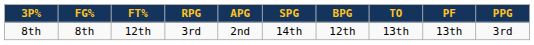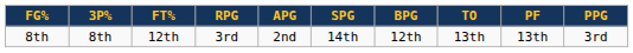 <table class="wikitable sortable" style="text-align:center;">
 <tr>
+<th style="background:#14345b; color:#ffc322; width:6%;">FG%</th>
 <th style="background:#14345b; color:#ffc322; width:6%;">3P%</th>
-<th style="background:#14345b; color:#ffc322; width:6%;">FG%</th>
 <th style="background:#14345b; color:#ffc322; width:6%;">FT%</th>
 <th style="background:#14345b; color:#ffc322; width:6%;">RPG</th>
 <th style="background:#14345b; color:#ffc322; width:5%;">APG</th>
 <th style="background:#14345b; color:#ffc322; width:6%;">SPG</th>
 <th style="background:#14345b; color:#ffc322; width:6%;">BPG</th>
 <th style="background:#14345b; color:#ffc322; width:6%;">TO</th>
 <th style="background:#14345b; color:#ffc322; width:6%;">PF</th>
 <th style="background:#14345b; color:#ffc322; width:6%;">PPG</th>
 </tr>
 <tr>
 <td>8th</td>
 <td>8th</td>
 <td>12th</td>
 <td>3rd</td>
 <td>2nd</td>
 <td>14th</td>
 <td>12th</td>
 <td>13th</td>
 <td>13th</td>
 <td>3rd</td>
 </tr>
 </table>
